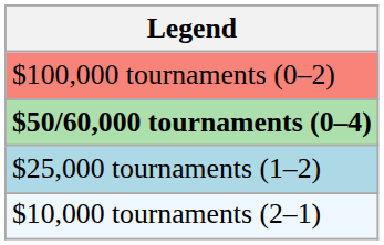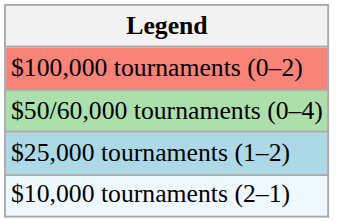 <table class=wikitable style="font-size:85%">
 <tr>
 <th>Legend</th>
 </tr>
 <tr style="background:#f88379;">
 <td>$100,000 tournaments (0–2)</td>
 </tr>
 <tr style="background:#addfad;">
-<td><strong>$50/60,000 tournaments (0–4)</strong></td>
+<td>$50/60,000 tournaments (0–4)</td>
 </tr>
 <tr style="background:lightblue;">
 <td>$25,000 tournaments (1–2)</td>
 </tr>
 <tr style="background:#f0f8ff;">
 <td>$10,000 tournaments (2–1)</td>
 </tr>
 </table>
